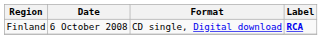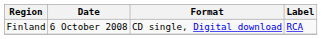 <table class=wikitable>
 <tr>
 <th>Region</th>
 <th>Date</th>
 <th>Format</th>
 <th>Label</th>
 </tr>
 <tr>
 <td>Finland</td>
 <td rowspan=1>6 October 2008</td>
 <td rowspan=1>CD single, <a href='#'>Digital download</a></td>
-<td rowspan=1><strong><a href='#'>RCA</a></strong></td>
+<td rowspan=1><a href='#'>RCA</a></td>
 </tr>
 <tr>
 </tr>
 </table>
